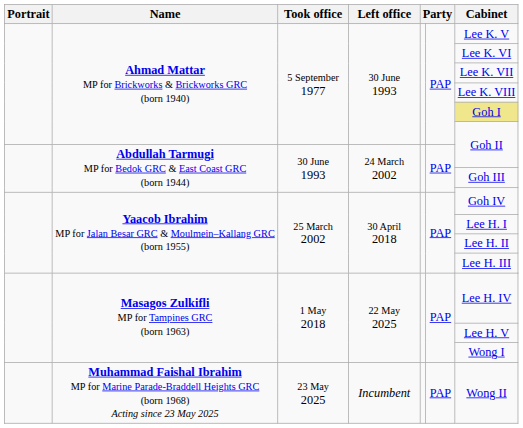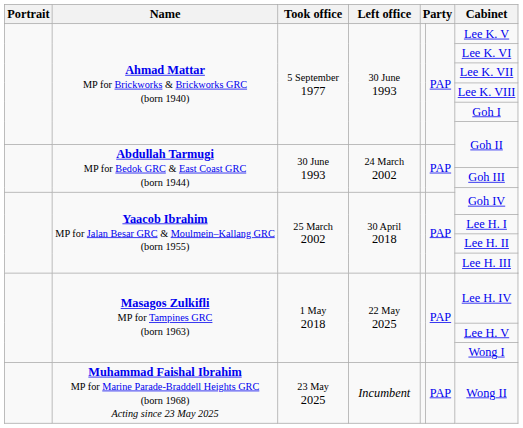 <table class="wikitable" style="text-align:center; border:1px #aaf solid;">
 <tr>
 <th>Portrait</th>
 <th>Name<br></th>
 <th width="85">Took office</th>
 <th width="85">Left office</th>
 <th colspan="2">Party</th>
 <th>Cabinet</th>
 </tr>
 <tr>
 <td rowspan="6"></td>
 <td rowspan="6"><strong><a href='#'>Ahmad Mattar</a></strong><br><small>MP for <a href='#'>Brickworks</a> & <a href='#'>Brickworks GRC</a><br>(born 1940)</small></td>
 <td rowspan="6"><small>5 September</small><br>1977</td>
 <td rowspan="6"><small>30 June</small><br>1993</td>
 <td rowspan="6" style="background:"></td>
 <td rowspan="6"><a href='#'>PAP</a></td>
 <td><a href='#'>Lee K. V</a></td>
 </tr>
 <tr>
 <td><a href='#'>Lee K. VI</a></td>
 </tr>
 <tr>
 <td><a href='#'>Lee K. VII</a></td>
 </tr>
 <tr>
 <td><a href='#'>Lee K. VIII</a></td>
 </tr>
 <tr>
-<td style="background: khaki;"><a href='#'>Goh I</a></td>
+<td><a href='#'>Goh I</a></td>
 </tr>
 <tr style="height:30px;">
 <td rowspan="2"><a href='#'>Goh II</a></td>
 </tr>
 <tr style="height:30px;">
 <td rowspan="3"></td>
 <td rowspan="3"><strong><a href='#'>Abdullah Tarmugi</a></strong><br><small>MP for <a href='#'>Bedok GRC</a> & <a href='#'>East Coast GRC</a><br>(born 1944)</small></td>
 <td rowspan="3"><small>30 June</small><br>1993</td>
 <td rowspan="3"><small>24 March</small><br>2002</td>
 <td rowspan="3" style="background:"></td>
 <td rowspan="3"><a href='#'>PAP</a></td>
 </tr>
 <tr>
 <td><a href='#'>Goh III</a></td>
 </tr>
 <tr>
 <td rowspan="2"><a href='#'>Goh IV</a></td>
 </tr>
 <tr style="height:29px;">
 <td rowspan="5"></td>
 <td rowspan="5"><strong><a href='#'>Yaacob Ibrahim</a></strong><br><small>MP for <a href='#'>Jalan Besar GRC</a> & <a href='#'>Moulmein–Kallang GRC</a><br>(born 1955)</small></td>
 <td rowspan="5"><small>25 March</small><br>2002</td>
 <td rowspan="5"><small>30 April</small><br>2018</td>
 <td rowspan="5" style="background:"></td>
 <td rowspan="5"><a href='#'>PAP</a></td>
 </tr>
 <tr>
 <td><a href='#'>Lee H. I</a></td>
 </tr>
 <tr>
 <td><a href='#'>Lee H. II</a></td>
 </tr>
 <tr>
 <td><a href='#'>Lee H. III</a></td>
 </tr>
 <tr>
 <td rowspan="2"><a href='#'>Lee H. IV</a></td>
 </tr>
 <tr style="height:65px;">
 <td rowspan="3"></td>
 <td rowspan="3"><strong><a href='#'>Masagos Zulkifli</a></strong><br><small>MP for <a href='#'>Tampines GRC</a><br>(born 1963)</small></td>
 <td rowspan="3"><small>1 May</small><br>2018</td>
 <td rowspan="3"><small>22 May</small><br>2025</td>
 <td rowspan="3" style="background:"></td>
 <td rowspan="3"><a href='#'>PAP</a></td>
 </tr>
 <tr>
 <td><a href='#'>Lee H. V</a></td>
 </tr>
 <tr>
 <td><a href='#'>Wong I</a></td>
 </tr>
 <tr>
 <td></td>
 <td><strong><a href='#'>Muhammad Faishal Ibrahim</a></strong><br><small>MP for <a href='#'>Marine Parade-Braddell Heights GRC</a><br>(born 1968)</small><br> <small><em>Acting since 23 May 2025</em></small></td>
 <td><small>23 May</small><br>2025</td>
 <td><em>Incumbent</em></td>
 <td style="background:"></td>
 <td><a href='#'>PAP</a></td>
 <td><a href='#'>Wong II</a></td>
 </tr>
 </table>
